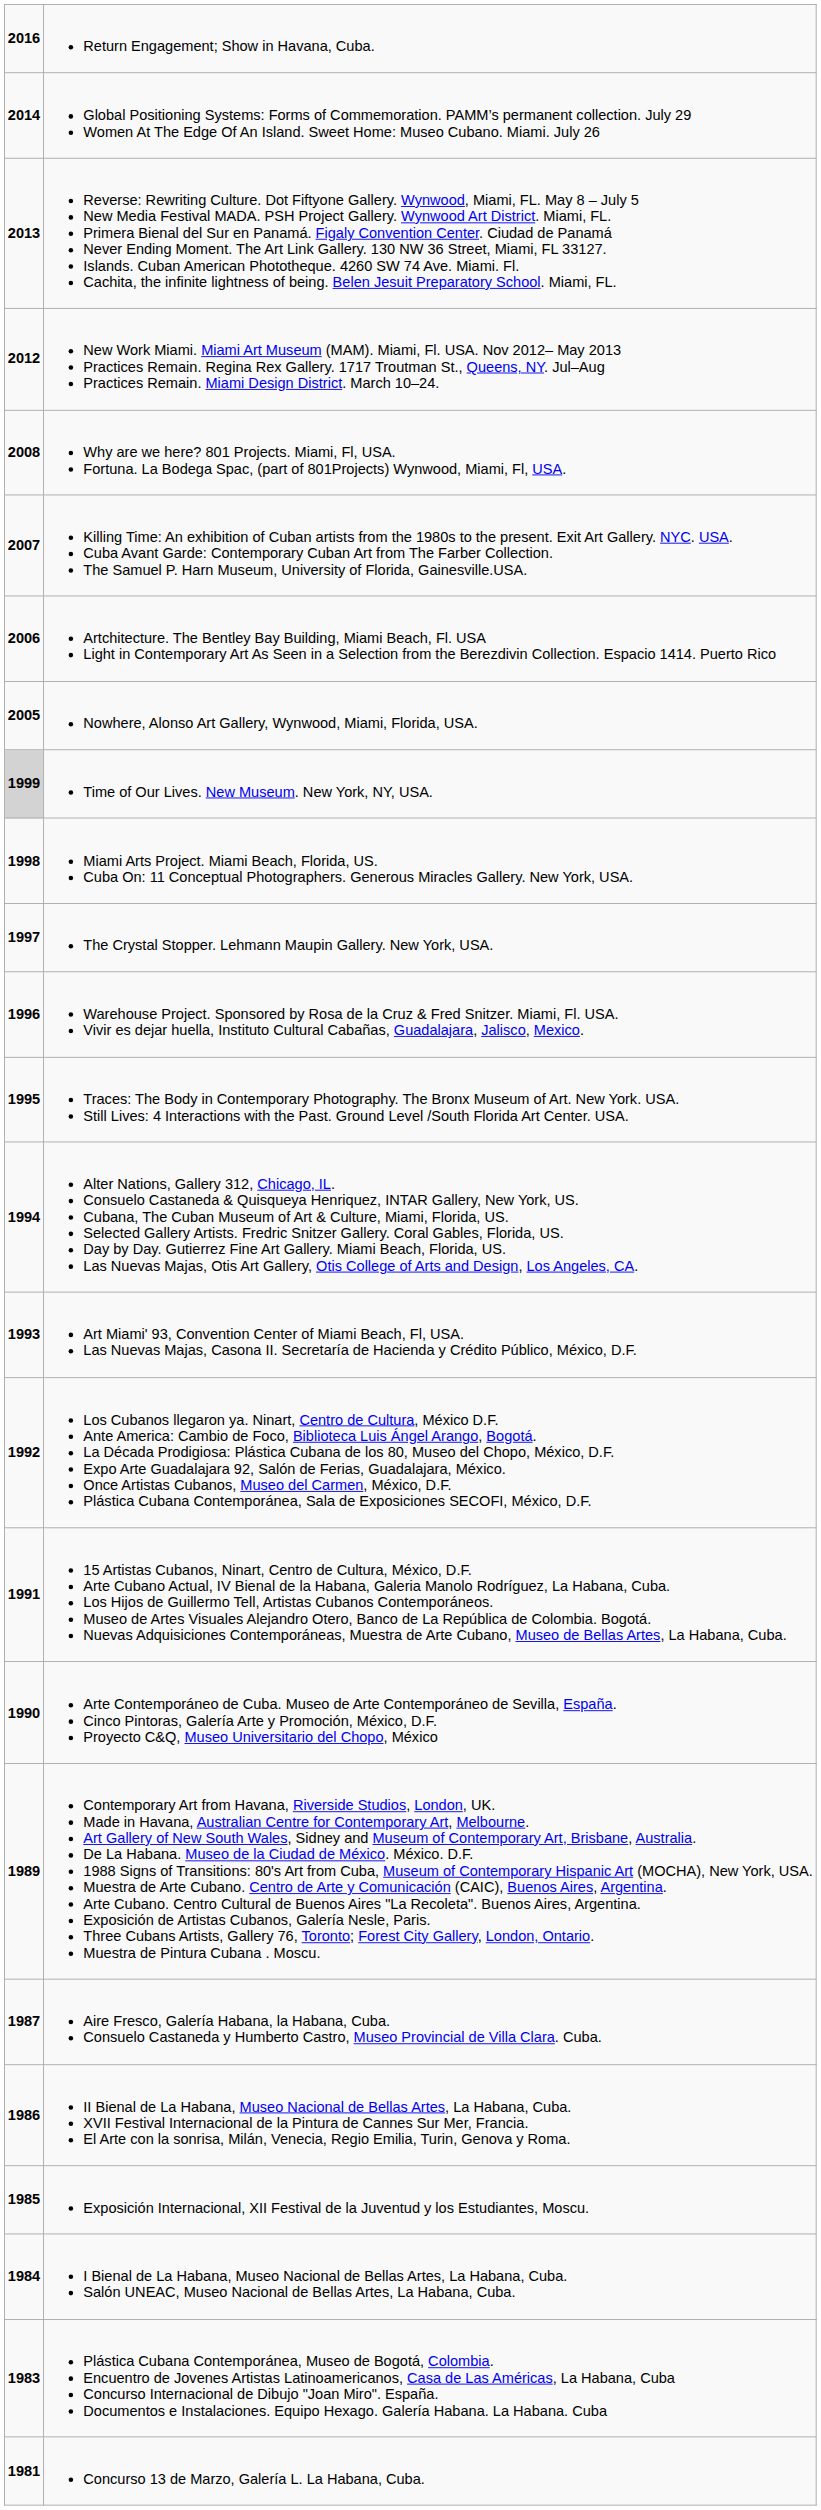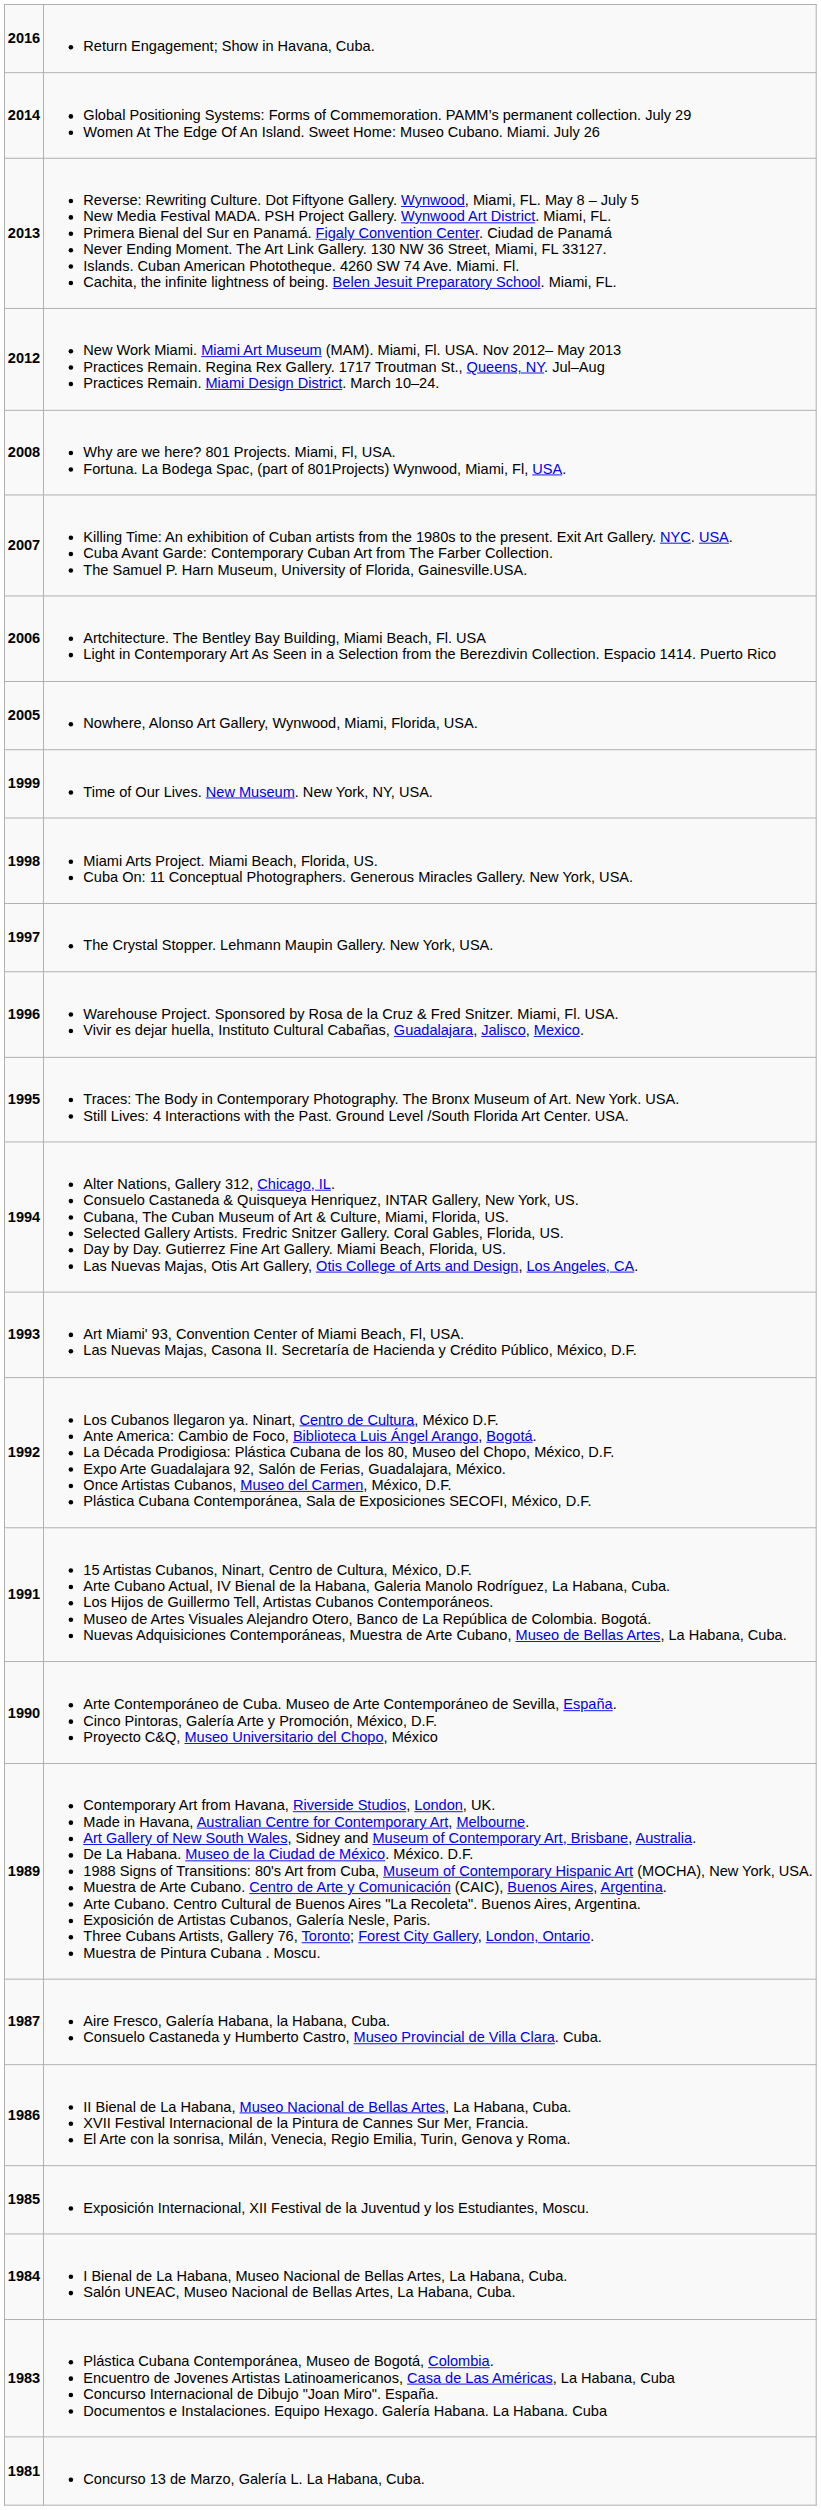 <table class="wikitable">
 <tr>
 <td><strong>2016</strong></td>
 <td><br><ul><li>Return Engagement; Show in Havana, Cuba.</li></ul></td>
 </tr>
 <tr>
 <td><strong>2014</strong></td>
 <td><br><ul><li>Global Positioning Systems: Forms of  Commemoration. PAMM’s permanent collection. July 29</li><li>Women At The Edge Of An Island. Sweet Home: Museo Cubano. Miami. July 26</li></ul></td>
 </tr>
 <tr>
 <td><strong>2013</strong></td>
 <td><br><ul><li>Reverse: Rewriting Culture. Dot Fiftyone Gallery. <a href='#'>Wynwood</a>, Miami, FL. May 8 – July 5</li><li>New Media Festival MADA. PSH Project Gallery. <a href='#'>Wynwood Art District</a>. Miami, FL.</li><li>Primera Bienal del Sur en Panamá. <a href='#'>Figaly Convention Center</a>. Ciudad de Panamá</li><li>Never Ending Moment. The Art Link Gallery. 130 NW  36 Street, Miami, FL 33127.</li><li>Islands. Cuban American Phototheque. 4260 SW 74  Ave. Miami. Fl.</li><li>Cachita, the infinite lightness of being. <a href='#'>Belen Jesuit Preparatory School</a>. Miami, FL.</li></ul></td>
 </tr>
 <tr>
 <td><strong>2012</strong></td>
 <td><br><ul><li>New Work Miami. <a href='#'>Miami Art Museum</a> (MAM). Miami, Fl. USA. Nov 2012– May 2013</li><li>Practices Remain. Regina Rex Gallery. 1717 Troutman St., <a href='#'>Queens, NY</a>. Jul–Aug</li><li>Practices Remain. <a href='#'>Miami Design District</a>. March  10–24.</li></ul></td>
 </tr>
 <tr>
 <td><strong>2008</strong></td>
 <td><br><ul><li>Why are we here? 801 Projects. Miami, Fl, USA.</li><li>Fortuna. La Bodega Spac, (part of 801Projects) Wynwood, Miami, Fl, <a href='#'>USA</a>.</li></ul></td>
 </tr>
 <tr>
 <td><strong>2007</strong></td>
 <td><br><ul><li>Killing Time: An exhibition of Cuban artists from the 1980s to the present. Exit Art Gallery. <a href='#'>NYC</a>. <a href='#'>USA</a>.</li><li>Cuba Avant Garde: Contemporary Cuban Art from The Farber Collection.</li><li>The Samuel P. Harn Museum, University of Florida, Gainesville.USA.</li></ul></td>
 </tr>
 <tr>
 <td><strong>2006</strong></td>
 <td><br><ul><li>Artchitecture. The Bentley Bay Building, Miami Beach, Fl. USA</li><li>Light in Contemporary Art As Seen in a Selection from the Berezdivin Collection. Espacio 1414. Puerto Rico</li></ul></td>
 </tr>
 <tr>
 <td><strong>2005</strong></td>
 <td><br><ul><li>Nowhere, Alonso Art Gallery, Wynwood, Miami, Florida, USA.</li></ul></td>
 </tr>
 <tr>
-<td style="background: lightgrey;"><strong>1999</strong></td>
+<td><strong>1999</strong></td>
 <td><br><ul><li>Time of Our Lives. <a href='#'>New Museum</a>. New York, NY, USA.</li></ul></td>
 </tr>
 <tr>
 <td><strong>1998</strong></td>
 <td><br><ul><li>Miami Arts Project. Miami Beach, Florida, US.</li><li>Cuba On: 11 Conceptual Photographers. Generous Miracles Gallery. New York, USA.</li></ul></td>
 </tr>
 <tr>
 <td><strong>1997</strong></td>
 <td><br><ul><li>The Crystal Stopper. Lehmann Maupin Gallery. New York, USA.</li></ul></td>
 </tr>
 <tr>
 <td><strong>1996</strong></td>
 <td><br><ul><li>Warehouse Project. Sponsored by Rosa de la Cruz & Fred Snitzer. Miami, Fl. USA.</li><li>Vivir es dejar huella, Instituto Cultural Cabañas, <a href='#'>Guadalajara</a>, <a href='#'>Jalisco</a>, <a href='#'>Mexico</a>.</li></ul></td>
 </tr>
 <tr>
 <td><strong>1995</strong></td>
 <td><br><ul><li>Traces: The Body in Contemporary Photography. The Bronx Museum of Art. New York. USA.</li><li>Still Lives: 4 Interactions with the Past. Ground Level /South Florida Art Center. USA.</li></ul></td>
 </tr>
 <tr>
 <td><strong>1994</strong></td>
 <td><br><ul><li>Alter Nations, Gallery 312, <a href='#'>Chicago, IL</a>.</li><li>Consuelo Castaneda & Quisqueya Henriquez, INTAR Gallery, New York, US.</li><li>Cubana, The Cuban Museum of Art & Culture, Miami, Florida, US.</li><li>Selected Gallery Artists. Fredric Snitzer Gallery. Coral Gables, Florida, US.</li><li>Day by Day. Gutierrez Fine Art Gallery. Miami Beach, Florida, US.</li><li>Las Nuevas Majas, Otis Art Gallery, <a href='#'>Otis College of Arts and Design</a>, <a href='#'>Los Angeles, CA</a>.</li></ul></td>
 </tr>
 <tr>
 <td><strong>1993</strong></td>
 <td><br><ul><li>Art Miami' 93, Convention Center of Miami Beach, Fl, USA.</li><li>Las Nuevas Majas, Casona II. Secretaría de Hacienda y Crédito Público, México, D.F.</li></ul></td>
 </tr>
 <tr>
 <td><strong>1992</strong></td>
 <td><br><ul><li>Los Cubanos llegaron ya. Ninart, <a href='#'>Centro de Cultura</a>, México D.F.</li><li>Ante America: Cambio de Foco, <a href='#'>Biblioteca Luis Ángel Arango</a>, <a href='#'>Bogotá</a>.</li><li>La Década Prodigiosa: Plástica Cubana de los 80, Museo del Chopo, México, D.F.</li><li>Expo Arte Guadalajara 92, Salón de Ferias, Guadalajara, México.</li><li>Once Artistas Cubanos, <a href='#'>Museo del Carmen</a>, México, D.F.</li><li>Plástica Cubana Contemporánea, Sala de Exposiciones SECOFI, México, D.F.</li></ul></td>
 </tr>
 <tr>
 <td><strong>1991</strong></td>
 <td><br><ul><li>15 Artistas Cubanos, Ninart, Centro de Cultura, México, D.F.</li><li>Arte Cubano Actual, IV Bienal de la Habana, Galeria Manolo Rodríguez, La Habana, Cuba.</li><li>Los Hijos de Guillermo Tell, Artistas Cubanos Contemporáneos.</li><li>Museo de Artes Visuales Alejandro Otero, Banco de La República de Colombia. Bogotá.</li><li>Nuevas Adquisiciones Contemporáneas, Muestra de Arte Cubano, <a href='#'>Museo de Bellas Artes</a>, La Habana, Cuba.</li></ul></td>
 </tr>
 <tr>
 <td><strong>1990</strong></td>
 <td><br><ul><li>Arte Contemporáneo de Cuba. Museo de Arte Contemporáneo de Sevilla, <a href='#'>España</a>.</li><li>Cinco Pintoras, Galería Arte y Promoción, México, D.F.</li><li>Proyecto C&Q, <a href='#'>Museo Universitario del Chopo</a>, México</li></ul></td>
 </tr>
 <tr>
 <td><strong>1989</strong></td>
 <td><br><ul><li>Contemporary Art from Havana, <a href='#'>Riverside Studios</a>, <a href='#'>London</a>, UK.</li><li>Made in Havana, <a href='#'>Australian Centre for Contemporary Art</a>, <a href='#'>Melbourne</a>.</li><li><a href='#'>Art Gallery of New South Wales</a>, Sidney and <a href='#'>Museum of Contemporary Art, Brisbane</a>, <a href='#'>Australia</a>.</li><li>De La Habana. <a href='#'>Museo de la Ciudad de México</a>. México. D.F.</li><li>1988 Signs of Transitions: 80's Art from Cuba, <a href='#'>Museum of Contemporary Hispanic Art</a> (MOCHA), New York, USA.</li><li>Muestra de Arte Cubano. <a href='#'>Centro de Arte y Comunicación</a> (CAIC), <a href='#'>Buenos Aires</a>, <a href='#'>Argentina</a>.</li><li>Arte Cubano. Centro Cultural de Buenos Aires "La Recoleta". Buenos Aires, Argentina.</li><li>Exposición de Artistas Cubanos, Galería Nesle, Paris.</li><li>Three Cubans Artists, Gallery 76, <a href='#'>Toronto</a>; <a href='#'>Forest City Gallery</a>, <a href='#'>London, Ontario</a>.</li><li>Muestra de Pintura Cubana . Moscu.</li></ul></td>
 </tr>
 <tr>
 <td><strong>1987</strong></td>
 <td><br><ul><li>Aire Fresco, Galería Habana, la Habana, Cuba.</li><li>Consuelo Castaneda y Humberto Castro, <a href='#'>Museo Provincial de Villa Clara</a>. Cuba.</li></ul></td>
 </tr>
 <tr>
 <td><strong>1986</strong></td>
 <td><br><ul><li>II Bienal de La Habana, <a href='#'>Museo Nacional de Bellas Artes</a>, La Habana, Cuba.</li><li>XVII Festival Internacional de la Pintura de Cannes Sur Mer, Francia.</li><li>El Arte con la sonrisa, Milán, Venecia, Regio Emilia, Turin, Genova y Roma.</li></ul></td>
 </tr>
 <tr>
 <td><strong>1985</strong></td>
 <td><br><ul><li>Exposición Internacional, XII Festival de la Juventud y los Estudiantes, Moscu.</li></ul></td>
 </tr>
 <tr>
 <td><strong>1984</strong></td>
 <td><br><ul><li>I Bienal de La Habana, Museo Nacional de Bellas Artes, La Habana, Cuba.</li><li>Salón UNEAC, Museo Nacional de Bellas Artes, La Habana, Cuba.</li></ul></td>
 </tr>
 <tr>
 <td><strong>1983</strong></td>
 <td><br><ul><li>Plástica Cubana Contemporánea, Museo de Bogotá, <a href='#'>Colombia</a>.</li><li>Encuentro de Jovenes Artistas Latinoamericanos, <a href='#'>Casa de Las Américas</a>, La Habana, Cuba</li><li>Concurso Internacional de Dibujo "Joan Miro". España.</li><li>Documentos e Instalaciones. Equipo Hexago. Galería Habana. La Habana. Cuba</li></ul></td>
 </tr>
 <tr>
 <td><strong>1981</strong></td>
 <td><br><ul><li>Concurso 13 de Marzo, Galería L. La Habana, Cuba.</li></ul></td>
 </tr>
 </table>
